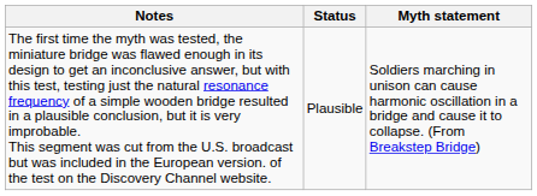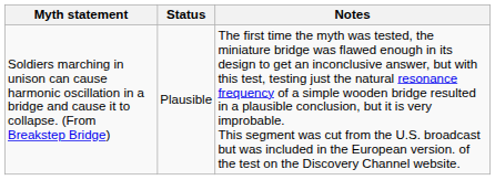 <table class="wikitable plainrowheaders">
 <tr>
+<th>Myth statement</th>
+<th>Status</th>
 <th>Notes</th>
-<th>Status</th>
-<th>Myth statement</th>
 </tr>
 <tr>
+<td>Soldiers marching in unison can cause harmonic oscillation in a bridge and cause it to collapse. (From <a href='#'>Breakstep Bridge</a>)</td>
+<td><span>Plausible</span></td>
 <td>The first time the myth was tested, the miniature bridge was flawed enough in its design to get an inconclusive answer, but with this test, testing just the natural <a href='#'>resonance frequency</a> of a simple wooden bridge resulted in a plausible conclusion, but it is very improbable.<br>This segment was cut from the U.S. broadcast but was included in the European version.  of the test on the Discovery Channel website.</td>
-<td><span>Plausible</span></td>
-<td>Soldiers marching in unison can cause harmonic oscillation in a bridge and cause it to collapse. (From <a href='#'>Breakstep Bridge</a>)</td>
 </tr>
 </table>
